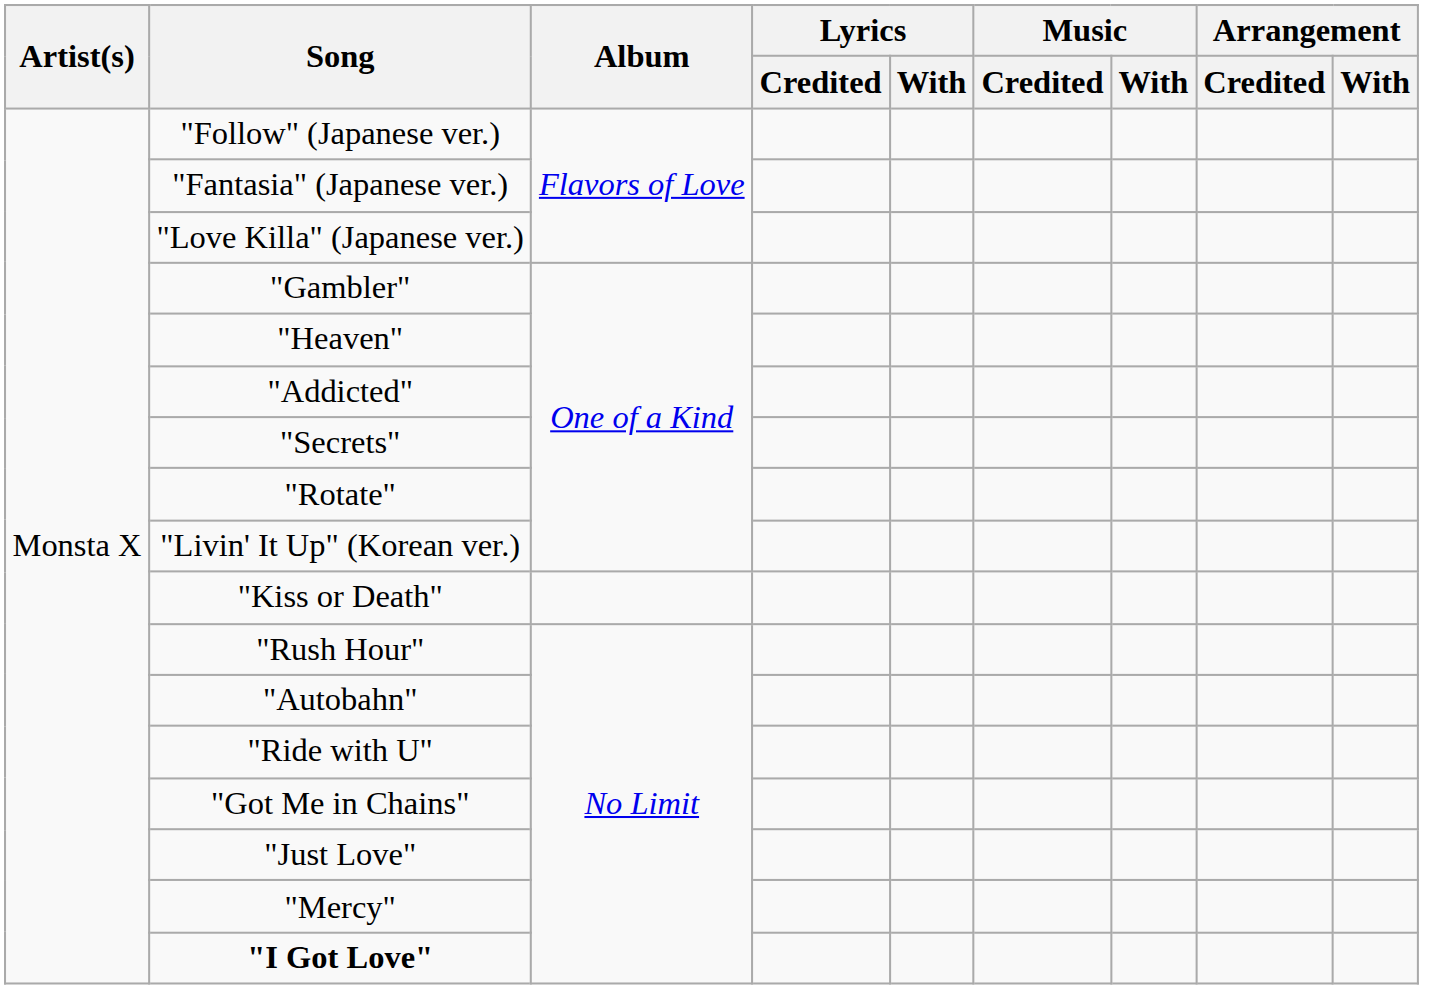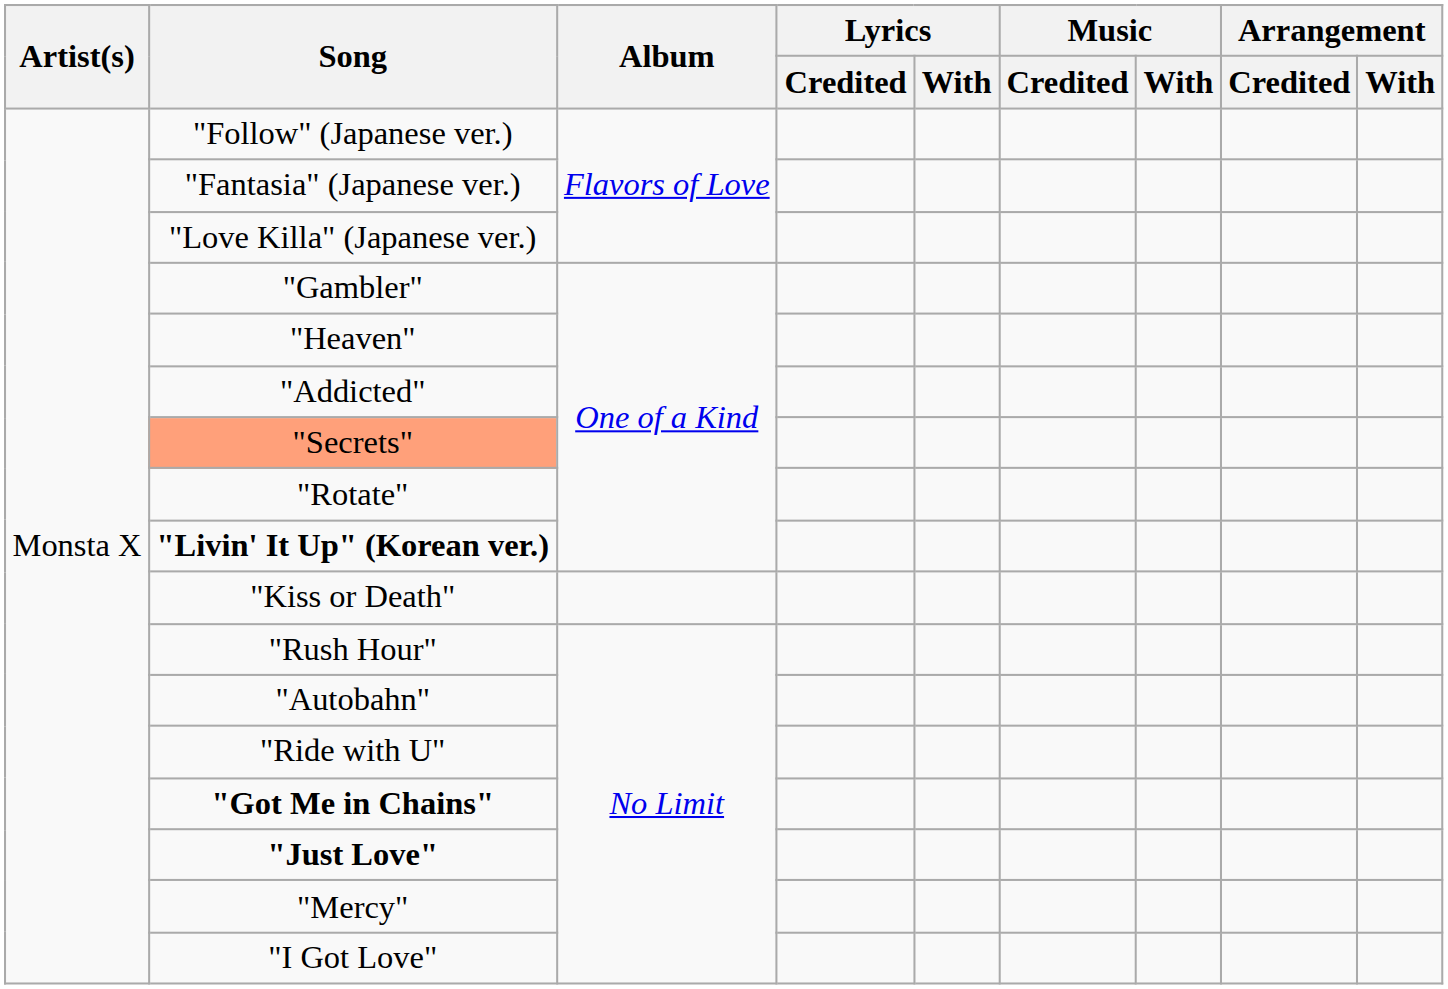 <table class="wikitable" style="text-align: center;">
 <tr>
 <th rowspan="2">Artist(s)</th>
 <th rowspan="2">Song</th>
 <th rowspan="2">Album</th>
 <th colspan="2">Lyrics</th>
 <th colspan="2">Music</th>
 <th colspan="2">Arrangement</th>
 </tr>
 <tr>
 <th>Credited</th>
 <th>With</th>
 <th>Credited</th>
 <th>With</th>
 <th>Credited</th>
 <th>With</th>
 </tr>
 <tr>
 <td rowspan="17">Monsta X</td>
 <td>"Follow" (Japanese ver.)</td>
 <td rowspan="3"><em><a href='#'>Flavors of Love</a></em></td>
 <td></td>
 <td></td>
 <td></td>
 <td></td>
 <td></td>
 <td></td>
 </tr>
 <tr>
 <td>"Fantasia" (Japanese ver.)</td>
 <td></td>
 <td></td>
 <td></td>
 <td></td>
 <td></td>
 <td></td>
 </tr>
 <tr>
 <td>"Love Killa" (Japanese ver.)</td>
 <td></td>
 <td></td>
 <td></td>
 <td></td>
 <td></td>
 <td></td>
 </tr>
 <tr>
 <td>"Gambler"</td>
 <td rowspan="6"><em><a href='#'>One of a Kind</a></em></td>
 <td></td>
 <td></td>
 <td></td>
 <td></td>
 <td></td>
 <td></td>
 </tr>
 <tr>
 <td>"Heaven"</td>
 <td></td>
 <td></td>
 <td></td>
 <td></td>
 <td></td>
 <td></td>
 </tr>
 <tr>
 <td>"Addicted"</td>
 <td></td>
 <td></td>
 <td></td>
 <td></td>
 <td></td>
 <td></td>
 </tr>
 <tr>
-<td>"Secrets"</td>
+<td style="background: lightsalmon;">"Secrets"</td>
 <td></td>
 <td></td>
 <td></td>
 <td></td>
 <td></td>
 <td></td>
 </tr>
 <tr>
 <td>"Rotate"</td>
 <td></td>
 <td></td>
 <td></td>
 <td></td>
 <td></td>
 <td></td>
 </tr>
 <tr>
-<td>"Livin' It Up" (Korean ver.)</td>
+<td><strong>"Livin' It Up" (Korean ver.)</strong></td>
 <td></td>
 <td></td>
 <td></td>
 <td></td>
 <td></td>
 <td></td>
 </tr>
 <tr>
 <td>"Kiss or Death"</td>
 <td></td>
 <td></td>
 <td></td>
 <td></td>
 <td></td>
 <td></td>
 <td></td>
 </tr>
 <tr>
 <td>"Rush Hour"</td>
 <td rowspan="7"><em><a href='#'>No Limit</a></em></td>
 <td></td>
 <td></td>
 <td></td>
 <td></td>
 <td></td>
 <td></td>
 </tr>
 <tr>
 <td>"Autobahn"</td>
 <td></td>
 <td></td>
 <td></td>
 <td></td>
 <td></td>
 <td></td>
 </tr>
 <tr>
 <td>"Ride with U"</td>
 <td></td>
 <td></td>
 <td></td>
 <td></td>
 <td></td>
 <td></td>
 </tr>
 <tr>
-<td>"Got Me in Chains"</td>
+<td><strong>"Got Me in Chains"</strong></td>
 <td></td>
 <td></td>
 <td></td>
 <td></td>
 <td></td>
 <td></td>
 </tr>
 <tr>
-<td>"Just Love"</td>
+<td><strong>"Just Love"</strong></td>
 <td></td>
 <td></td>
 <td></td>
 <td></td>
 <td></td>
 <td></td>
 </tr>
 <tr>
 <td>"Mercy"</td>
 <td></td>
 <td></td>
 <td></td>
 <td></td>
 <td></td>
 <td></td>
 </tr>
 <tr>
-<td><strong>"I Got Love"</strong></td>
+<td>"I Got Love"</td>
 <td></td>
 <td></td>
 <td></td>
 <td></td>
 <td></td>
 <td></td>
 </tr>
 </table>
